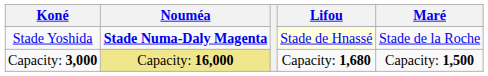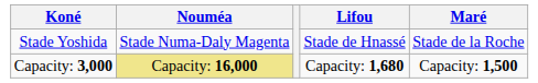 <table class="wikitable" style="text-align:center;margin:1em auto;">
 <tr>
 <th><strong><a href='#'>Koné</a></strong></th>
 <th><strong><a href='#'>Nouméa</a></strong></th>
 <th rowspan="4" text-align="center"></th>
 <th><strong><a href='#'>Lifou</a></strong></th>
 <th><strong><a href='#'>Maré</a></strong></th>
 </tr>
 <tr>
 <td><a href='#'>Stade Yoshida</a></td>
-<td><strong><a href='#'>Stade Numa-Daly Magenta</a></strong></td>
-<td style="background: lightyellow;"><a href='#'>Stade de Hnassé</a></td>
+<td><a href='#'>Stade Numa-Daly Magenta</a></td>
+<td><a href='#'>Stade de Hnassé</a></td>
 <td><a href='#'>Stade de la Roche</a></td>
 </tr>
 <tr>
 <td>Capacity: <strong>3,000</strong></td>
 <td style="background: khaki;">Capacity: <strong>16,000</strong></td>
 <td>Capacity: <strong>1,680</strong></td>
 <td>Capacity: <strong>1,500</strong></td>
 </tr>
 </table>
